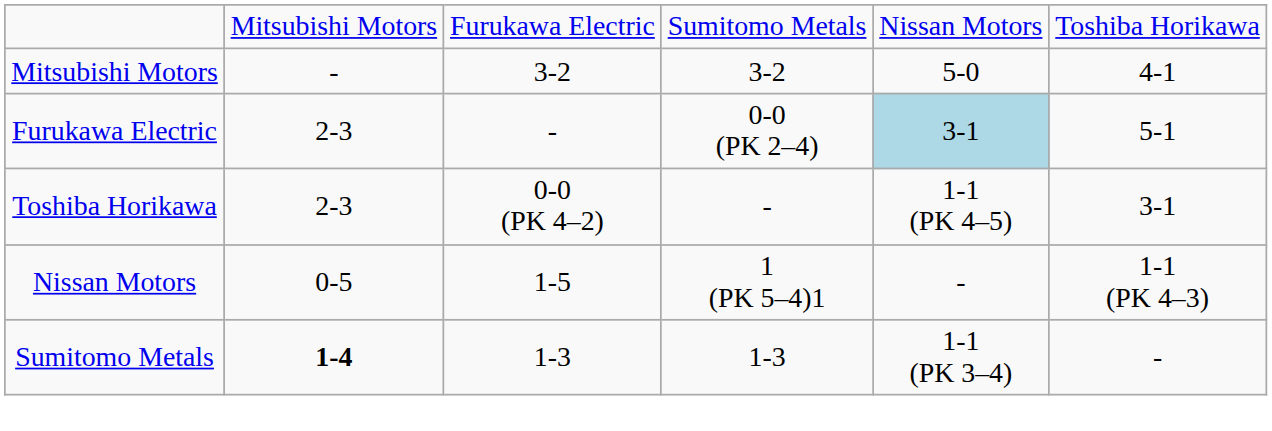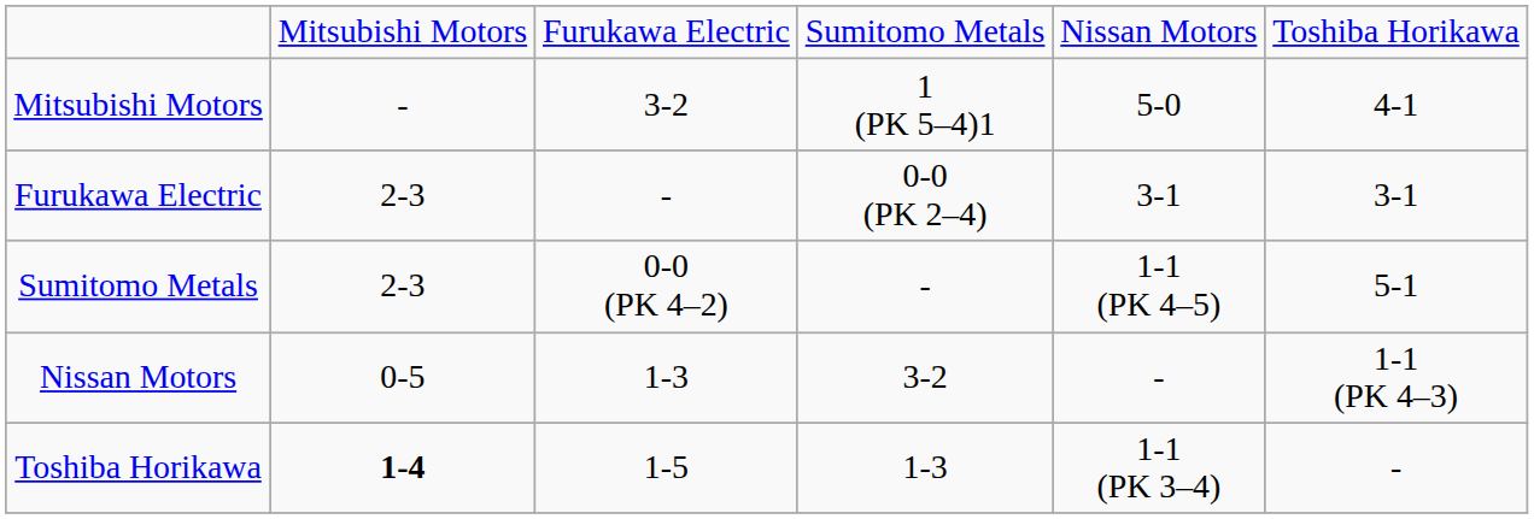 <table class="wikitable">
 <tr align=center>
 <td></td>
 <td><a href='#'>Mitsubishi Motors</a></td>
 <td><a href='#'>Furukawa Electric</a></td>
 <td><a href='#'>Sumitomo Metals</a></td>
 <td><a href='#'>Nissan Motors</a></td>
 <td><a href='#'>Toshiba Horikawa</a></td>
 </tr>
 <tr align=center>
 <td><a href='#'>Mitsubishi Motors</a></td>
 <td>-</td>
 <td>3-2</td>
-<td>3-2</td>
+<td>1<br>(PK 5–4)1</td>
 <td>5-0</td>
 <td>4-1</td>
 </tr>
 <tr align=center>
 <td><a href='#'>Furukawa Electric</a></td>
 <td>2-3</td>
 <td>-</td>
 <td>0-0<br>(PK 2–4)</td>
-<td style="background: lightblue;">3-1</td>
-<td>5-1</td>
+<td>3-1</td>
+<td>3-1</td>
 </tr>
 <tr align=center>
-<td><a href='#'>Toshiba Horikawa</a></td>
+<td><a href='#'>Sumitomo Metals</a></td>
 <td>2-3</td>
 <td>0-0<br>(PK 4–2)</td>
 <td>-</td>
 <td>1-1<br>(PK 4–5)</td>
-<td>3-1</td>
+<td>5-1</td>
 </tr>
 <tr align=center>
 <td><a href='#'>Nissan Motors</a></td>
 <td>0-5</td>
-<td>1-5</td>
-<td>1<br>(PK 5–4)1</td>
+<td>1-3</td>
+<td>3-2</td>
 <td>-</td>
 <td>1-1<br>(PK 4–3)</td>
 </tr>
 <tr align=center>
-<td><a href='#'>Sumitomo Metals</a></td>
+<td><a href='#'>Toshiba Horikawa</a></td>
 <td><strong>1-4</strong></td>
-<td>1-3</td>
+<td>1-5</td>
 <td>1-3</td>
 <td>1-1<br>(PK 3–4)</td>
 <td>-</td>
 </tr>
 </table>
